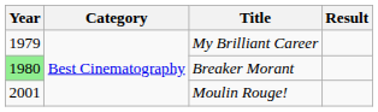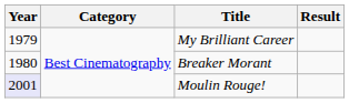 <table class="wikitable">
 <tr>
 <th>Year</th>
 <th>Category</th>
 <th>Title</th>
 <th>Result</th>
 </tr>
 <tr>
 <td>1979</td>
 <td rowspan=3><a href='#'>Best Cinematography</a></td>
 <td><em>My Brilliant Career</em></td>
 <td></td>
 </tr>
 <tr>
-<td style="background: lightgreen;">1980</td>
+<td>1980</td>
 <td><em>Breaker Morant</em></td>
 <td></td>
 </tr>
 <tr>
-<td>2001</td>
+<td style="background: lavender;">2001</td>
 <td><em>Moulin Rouge!</em></td>
 <td></td>
 </tr>
 </table>
